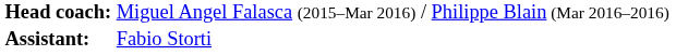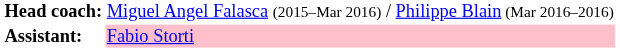 <table>
 <tr>
 <td><strong>Head coach:</strong></td>
 <td><a href='#'>Miguel Angel Falasca</a> <small>(2015–Mar 2016)</small> / <a href='#'>Philippe Blain</a><small> (Mar 2016–2016)</small></td>
 </tr>
 <tr>
 <td><strong>Assistant:</strong></td>
-<td><a href='#'>Fabio Storti</a></td>
+<td style="background: pink;"><a href='#'>Fabio Storti</a></td>
 </tr>
 </table>
